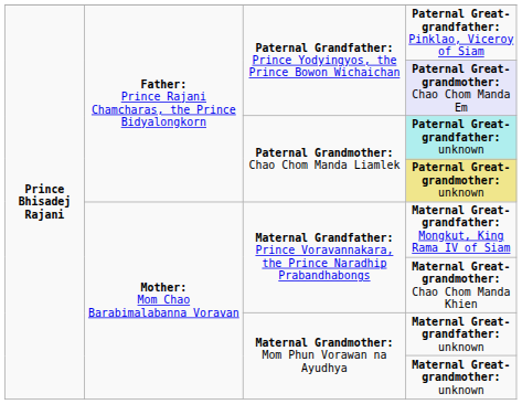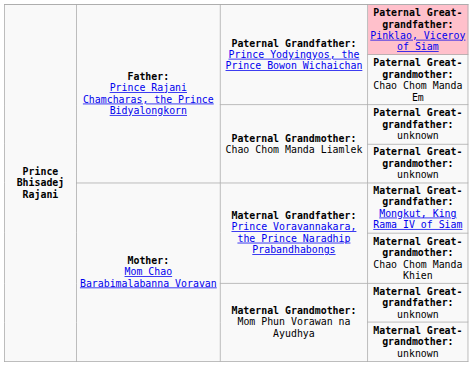 <table class="wikitable">
 <tr>
 </tr>
 <tr>
 <td rowspan="8" align="center"><strong>Prince Bhisadej Rajani</strong></td>
 <td rowspan="4" align="center"><strong>Father:</strong><br><a href='#'>Prince Rajani Chamcharas, the Prince Bidyalongkorn</a></td>
 <td rowspan="2" align="center"><strong>Paternal Grandfather:</strong><br><a href='#'>Prince Yodyingyos, the Prince Bowon Wichaichan</a></td>
-<td align = "center"><strong>Paternal Great-grandfather:</strong><br><a href='#'>Pinklao, Viceroy of Siam</a></td>
+<td align = "center" style="background: pink;"><strong>Paternal Great-grandfather:</strong><br><a href='#'>Pinklao, Viceroy of Siam</a></td>
 </tr>
 <tr>
-<td align = "center" style="background: lavender;"><strong>Paternal Great-grandmother:</strong><br>Chao Chom Manda Em</td>
+<td align = "center"><strong>Paternal Great-grandmother:</strong><br>Chao Chom Manda Em</td>
 </tr>
 <tr>
 <td rowspan="2" align="center"><strong>Paternal Grandmother:</strong><br>Chao Chom Manda Liamlek</td>
-<td align = "center" style="background: paleturquoise;"><strong>Paternal Great-grandfather:</strong><br>unknown</td>
+<td align = "center"><strong>Paternal Great-grandfather:</strong><br>unknown</td>
 </tr>
 <tr>
-<td align = "center" style="background: khaki;"><strong>Paternal Great-grandmother:</strong><br>unknown</td>
+<td align = "center"><strong>Paternal Great-grandmother:</strong><br>unknown</td>
 </tr>
 <tr>
 <td rowspan="4" align="center"><strong>Mother:</strong><br><a href='#'>Mom Chao Barabimalabanna Voravan</a></td>
 <td rowspan="2" align="center"><strong>Maternal Grandfather:</strong><br><a href='#'>Prince Voravannakara, the Prince Naradhip Prabandhabongs</a></td>
 <td align = "center"><strong>Maternal Great-grandfather:</strong><br><a href='#'>Mongkut, King Rama IV of Siam</a></td>
 </tr>
 <tr>
 <td align = "center"><strong>Maternal Great-grandmother:</strong><br> Chao Chom Manda Khien</td>
 </tr>
 <tr>
 <td rowspan="2" align="center"><strong>Maternal Grandmother:</strong><br>Mom Phun Vorawan na Ayudhya</td>
 <td align = "center"><strong>Maternal Great-grandfather:</strong><br> unknown</td>
 </tr>
 <tr>
 <td align = "center"><strong>Maternal Great-grandmother:</strong><br>unknown</td>
 </tr>
 </table>
